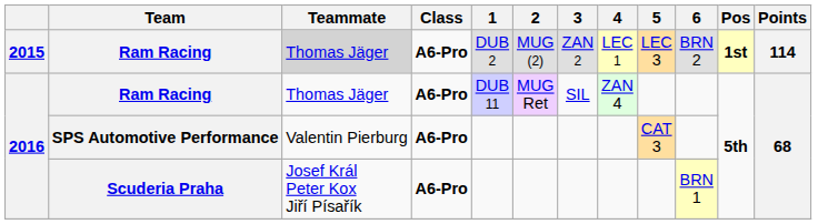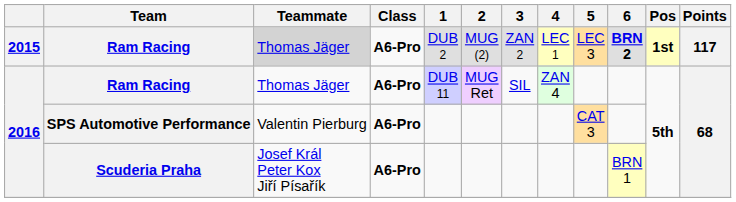 <table class="wikitable" style="font-size:85%; text-align:center">
 <tr>
 <th valign="middle"></th>
 <th>Team</th>
 <th valign="middle">Teammate</th>
 <th valign="middle">Class</th>
 <th>1</th>
 <th>2</th>
 <th>3</th>
 <th>4</th>
 <th>5</th>
 <th>6</th>
 <th>Pos</th>
 <th valign="middle">Points</th>
 </tr>
 <tr>
 <th><a href='#'>2015</a></th>
 <th nowrap> <a href='#'>Ram Racing</a></th>
 <td nowrap align=left style="background: lightgrey;"> <a href='#'>Thomas Jäger</a></td>
 <td nowrap><strong>A6-Pro</strong></td>
 <td style="background:#DFDFDF;"><a href='#'>DUB</a><br><small>2</small></td>
 <td style="background:#DFDFDF;"><a href='#'>MUG</a><br><small>(2)</small></td>
 <td style="background:#DFDFDF;"><a href='#'>ZAN</a><br><small>2</small></td>
 <td style="background:#FFFFBF;"><a href='#'>LEC</a><br><small>1</small></td>
 <td style="background:#FFDF9F;"><a href='#'>LEC</a><br>3</td>
-<td style="background:#DFDFDF;"><a href='#'>BRN</a><br>2</td>
+<td style="background:#DFDFDF;"><strong><a href='#'>BRN</a><br>2</strong></td>
 <td style="background:#FFFFBF;"><strong>1st</strong></td>
-<th>114</th>
+<th>117</th>
 </tr>
 <tr>
 <th rowspan="3"><a href='#'>2016</a></th>
 <th nowrap> <a href='#'>Ram Racing</a></th>
 <td nowrap align=left> <a href='#'>Thomas Jäger</a></td>
 <td nowrap><strong>A6-Pro</strong></td>
 <td style="background:#CFCFFF;"><a href='#'>DUB</a><br><small>11</small></td>
 <td style="background:#EFCFFF;"><a href='#'>MUG</a><br>Ret</td>
 <td><a href='#'>SIL</a><br></td>
 <td style="background:#DFFFDF"><a href='#'>ZAN</a><br>4</td>
 <td></td>
 <td></td>
 <td rowspan="3"><strong>5th</strong></td>
 <th rowspan="3">68</th>
 </tr>
 <tr>
 <th nowrap> SPS Automotive Performance</th>
 <td nowrap align=left> Valentin Pierburg</td>
 <td nowrap><strong>A6-Pro</strong></td>
 <td></td>
 <td></td>
 <td></td>
 <td></td>
 <td style="background:#FFDF9F;"><a href='#'>CAT</a><br>3</td>
 <td></td>
 </tr>
 <tr>
 <th nowrap> <a href='#'>Scuderia Praha</a></th>
 <td nowrap align=left> <a href='#'>Josef Král</a><br> <a href='#'>Peter Kox</a><br>Jiří Písařík</td>
 <td style="background:#;"><strong>A6-Pro</strong></td>
 <td></td>
 <td></td>
 <td></td>
 <td></td>
 <td></td>
 <td style="background:#FFFFBF;"><a href='#'>BRN</a><br>1</td>
 </tr>
 <tr>
 </tr>
 </table>
